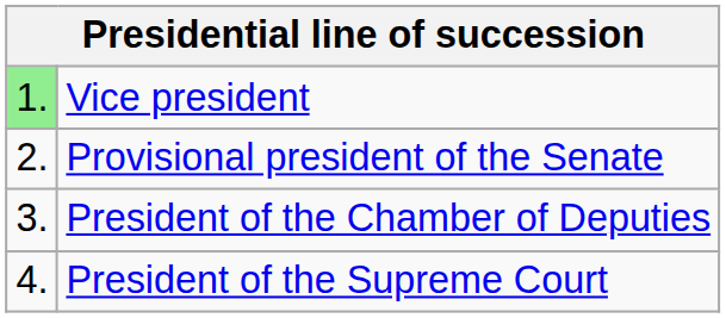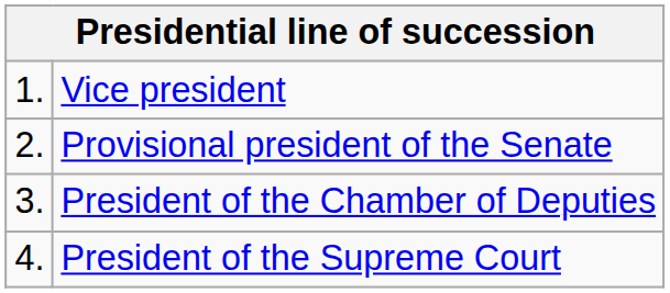 <table class="wikitable" style="margin:1ex 0 1ex 1ex;">
 <tr>
 <th colspan="2">Presidential line of succession</th>
 </tr>
 <tr>
-<td style="background: lightgreen;">1.</td>
+<td>1.</td>
 <td><a href='#'>Vice president</a></td>
 </tr>
 <tr>
 <td>2.</td>
 <td><a href='#'>Provisional president of the Senate</a></td>
 </tr>
 <tr>
 <td>3.</td>
 <td><a href='#'>President of the Chamber of Deputies</a></td>
 </tr>
 <tr>
 <td>4.</td>
 <td><a href='#'>President of the Supreme Court</a></td>
 </tr>
 </table>
